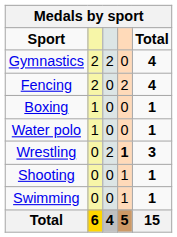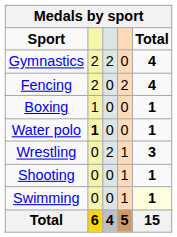 <table class="wikitable" style="font-size:85%; float:right;">
 <tr style="background:#efefef;">
 <th colspan=7>Medals by sport</th>
 </tr>
 <tr style="text-align:center">
 <td><strong>Sport</strong></td>
 <td bgcolor=#f7f6a8></td>
 <td bgcolor=#dce5e5></td>
 <td bgcolor=#ffdab9></td>
 <td><strong>Total</strong></td>
 </tr>
 <tr style="text-align:center">
 <td><a href='#'>Gymnastics</a></td>
 <td bgcolor=F7F6A8>2</td>
 <td bgcolor=DCE5E5>2</td>
 <td bgcolor=FFDAB9>0</td>
 <td><strong>4</strong></td>
 </tr>
 <tr style="text-align:center">
 <td><a href='#'>Fencing</a></td>
 <td bgcolor=F7F6A8>2</td>
 <td bgcolor=DCE5E5>0</td>
 <td bgcolor=FFDAB9>2</td>
 <td><strong>4</strong></td>
 </tr>
 <tr style="text-align:center">
 <td><a href='#'>Boxing</a></td>
 <td bgcolor=F7F6A8>1</td>
 <td bgcolor=DCE5E5>0</td>
 <td bgcolor=FFDAB9>0</td>
 <td><strong>1</strong></td>
 </tr>
 <tr style="text-align:center">
 <td><a href='#'>Water polo</a></td>
-<td bgcolor=F7F6A8>1</td>
+<td bgcolor=F7F6A8><strong>1</strong></td>
 <td bgcolor=DCE5E5>0</td>
 <td bgcolor=FFDAB9>0</td>
 <td><strong>1</strong></td>
 </tr>
 <tr style="text-align:center">
 <td><a href='#'>Wrestling</a></td>
 <td bgcolor=F7F6A8>0</td>
 <td bgcolor=DCE5E5>2</td>
-<td bgcolor=FFDAB9><strong>1</strong></td>
+<td bgcolor=FFDAB9>1</td>
 <td><strong>3</strong></td>
 </tr>
 <tr style="text-align:center">
 <td><a href='#'>Shooting</a></td>
 <td bgcolor=F7F6A8>0</td>
 <td bgcolor=DCE5E5>0</td>
 <td bgcolor=FFDAB9>1</td>
 <td><strong>1</strong></td>
 </tr>
 <tr style="text-align:center">
 <td><a href='#'>Swimming</a></td>
 <td bgcolor=F7F6A8>0</td>
 <td bgcolor=DCE5E5>0</td>
 <td bgcolor=FFDAB9>1</td>
-<td><strong>1</strong></td>
+<td style="background: lightyellow;"><strong>1</strong></td>
 </tr>
 <tr style="text-align:center">
 <th>Total</th>
 <th style="background:gold">6</th>
 <th style="background:silver">4</th>
 <th style="background:#c96">5</th>
 <th>15</th>
 </tr>
 </table>
